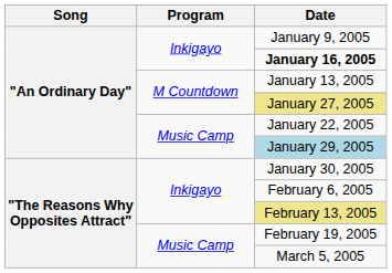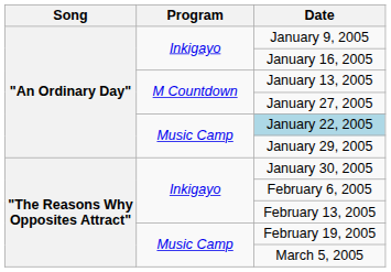 <table class="wikitable plainrowheaders" style="text-align:center">
 <tr>
 <th>Song</th>
 <th width="130">Program</th>
 <th width="145">Date</th>
 </tr>
 <tr>
 <th rowspan="6" scope="row">"An Ordinary Day"</th>
 <td rowspan="2"><em><a href='#'>Inkigayo</a></em></td>
 <td>January 9, 2005</td>
 </tr>
 <tr>
-<td><strong>January 16, 2005</strong></td>
+<td>January 16, 2005</td>
 </tr>
 <tr>
 <td rowspan="2"><em><a href='#'>M Countdown</a></em></td>
 <td>January 13, 2005</td>
 </tr>
 <tr>
-<td style="background: khaki;">January 27, 2005</td>
+<td>January 27, 2005</td>
 </tr>
 <tr>
 <td rowspan="2"><em><a href='#'>Music Camp</a></em></td>
-<td>January 22, 2005</td>
+<td style="background: lightblue;">January 22, 2005</td>
 </tr>
 <tr>
-<td style="background: lightblue;">January 29, 2005</td>
+<td>January 29, 2005</td>
 </tr>
 <tr>
 <th rowspan="5" scope="row">"The Reasons Why<br>Opposites Attract"</th>
 <td rowspan="3"><em><a href='#'>Inkigayo</a></em></td>
 <td>January 30, 2005</td>
 </tr>
 <tr>
 <td>February 6, 2005</td>
 </tr>
 <tr>
-<td style="background: khaki;">February 13, 2005</td>
+<td>February 13, 2005</td>
 </tr>
 <tr>
 <td rowspan="2"><em><a href='#'>Music Camp</a></em></td>
 <td>February 19, 2005</td>
 </tr>
 <tr>
 <td>March 5, 2005</td>
 </tr>
 </table>
